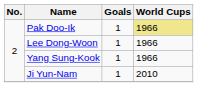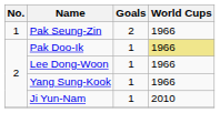 <table class="wikitable" style="text-align: left;">
 <tr>
 <th>No.</th>
 <th>Name</th>
 <th>Goals</th>
 <th>World Cups</th>
+</tr>
+<tr>
+<td align=center>1</td>
+<td><a href='#'>Pak Seung-Zin</a></td>
+<td align=center>2</td>
+<td>1966</td>
 </tr>
 <tr>
 <td rowspan=4 align=center>2</td>
 <td><a href='#'>Pak Doo-Ik</a></td>
 <td align=center>1</td>
 <td style="background: khaki;">1966</td>
 </tr>
 <tr>
 <td><a href='#'>Lee Dong-Woon</a></td>
 <td align=center>1</td>
 <td>1966</td>
 </tr>
 <tr>
 <td><a href='#'>Yang Sung-Kook</a></td>
 <td align=center>1</td>
 <td>1966</td>
 </tr>
 <tr>
 <td><a href='#'>Ji Yun-Nam</a></td>
 <td align=center>1</td>
 <td>2010</td>
 </tr>
 <tr>
 </tr>
 </table>
